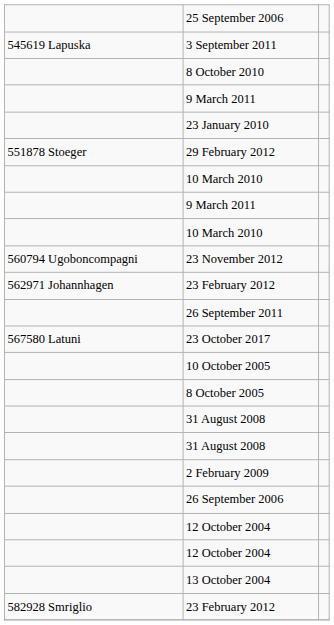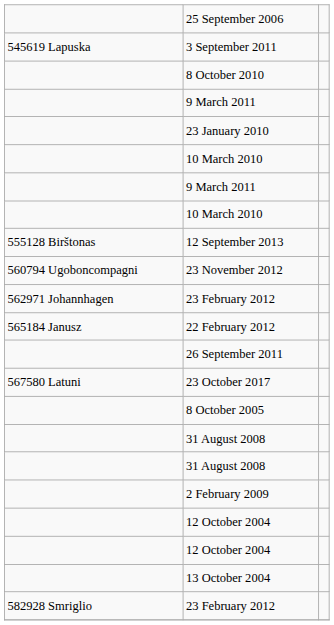 <table class="wikitable" style="font-size: 89%; float: left; width: 26em; margin-right: 1em; height: 700px;">
 <tr>
 <td></td>
 <td>25 September 2006</td>
 <td></td>
 </tr>
 <tr>
 <td>545619 Lapuska</td>
 <td>3 September 2011</td>
 <td> </td>
 </tr>
 <tr>
 <td></td>
 <td>8 October 2010</td>
 <td></td>
 </tr>
 <tr>
 <td></td>
 <td>9 March 2011</td>
 <td></td>
 </tr>
 <tr>
 <td></td>
 <td>23 January 2010</td>
 <td> </td>
 </tr>
 <tr>
-<td>551878 Stoeger</td>
-<td>29 February 2012</td>
-<td> </td>
-</tr>
-<tr>
 <td></td>
 <td>10 March 2010</td>
 <td> </td>
 </tr>
 <tr>
 <td></td>
 <td>9 March 2011</td>
 <td></td>
 </tr>
 <tr>
 <td></td>
 <td>10 March 2010</td>
 <td> </td>
 </tr>
 <tr>
+<td>555128 Birštonas</td>
+<td>12 September 2013</td>
+<td> </td>
+</tr>
+<tr>
 <td>560794 Ugoboncompagni</td>
 <td>23 November 2012</td>
 <td> </td>
 </tr>
 <tr>
 <td>562971 Johannhagen</td>
 <td>23 February 2012</td>
 <td> </td>
 </tr>
 <tr>
+<td>565184 Janusz</td>
+<td>22 February 2012</td>
+<td> </td>
+</tr>
+<tr>
 <td></td>
 <td>26 September 2011</td>
 <td> </td>
 </tr>
 <tr>
 <td>567580 Latuni</td>
 <td>23 October 2017</td>
-<td> </td>
-</tr>
-<tr>
-<td></td>
-<td>10 October 2005</td>
 <td> </td>
 </tr>
 <tr>
 <td></td>
 <td>8 October 2005</td>
 <td> </td>
 </tr>
 <tr>
 <td></td>
 <td>31 August 2008</td>
 <td> </td>
 </tr>
 <tr>
 <td></td>
 <td>31 August 2008</td>
 <td> </td>
 </tr>
 <tr>
 <td></td>
 <td>2 February 2009</td>
-<td> </td>
-</tr>
-<tr>
-<td></td>
-<td>26 September 2006</td>
 <td> </td>
 </tr>
 <tr>
 <td></td>
 <td>12 October 2004</td>
 <td> </td>
 </tr>
 <tr>
 <td></td>
 <td>12 October 2004</td>
 <td> </td>
 </tr>
 <tr>
 <td></td>
 <td>13 October 2004</td>
 <td> </td>
 </tr>
 <tr>
 <td>582928 Smriglio</td>
 <td>23 February 2012</td>
 <td> </td>
 </tr>
 <tr>
 </tr>
 </table>
